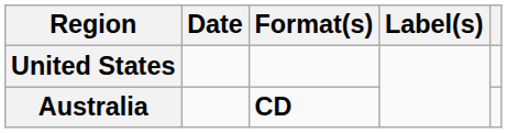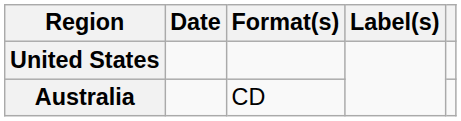 <table class="wikitable plainrowheaders">
 <tr>
 <th scope="col">Region</th>
 <th scope="col">Date</th>
 <th scope="col">Format(s)</th>
 <th scope="col">Label(s)</th>
 <th scope="col"></th>
 </tr>
 <tr>
 <th scope="row">United States</th>
 <td></td>
 <td></td>
 <td rowspan="2"></td>
 <td></td>
 </tr>
 <tr>
 <th scope="row">Australia</th>
 <td></td>
-<td><strong>CD</strong></td>
+<td>CD</td>
 <td></td>
 </tr>
 </table>
